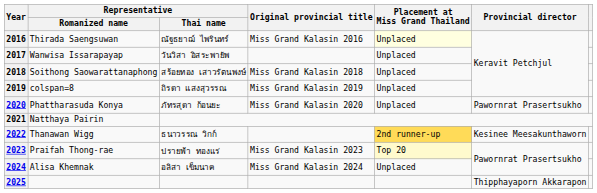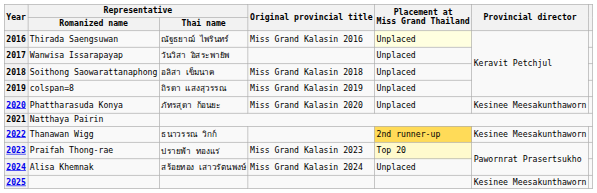 <table class="wikitable defaultcenter col2left col3left col6left" style="font-size:95%;">
 <tr>
 <th rowspan=2>Year</th>
 <th colspan=2>Representative</th>
 <th rowspan=2>Original provincial title</th>
 <th rowspan=2>Placement at<br>Miss Grand Thailand</th>
 <th rowspan=2>Provincial director</th>
 <th rowspan=2></th>
 </tr>
 <tr>
 <th>Romanized name</th>
 <th>Thai name</th>
 </tr>
 <tr>
 <th>2016</th>
 <td>Thirada Saengsuwan</td>
 <td>ณัฐธยาฌ์ ไพรินทร์</td>
 <td>Miss Grand Kalasin 2016</td>
 <td style="background: lightyellow;">Unplaced</td>
 <td rowspan=4>Keravit Petchjul</td>
 <td></td>
 </tr>
 <tr>
 <th>2017</th>
 <td>Wanwisa Issarapayap</td>
 <td>วันวิสา อิสระพายัพ</td>
 <td></td>
 <td>Unplaced</td>
 <td></td>
 </tr>
 <tr>
 <th>2018</th>
 <td>Soithong Saowarattanaphong</td>
-<td>สร้อยทอง เสาวรัตนพงษ์</td>
+<td>อลิสา เข็มนาค</td>
 <td>Miss Grand Kalasin 2018</td>
 <td>Unplaced</td>
 <td></td>
 </tr>
 <tr>
 <th>2019</th>
 <td>colspan=8 </td>
 <td>ถิรดา แสงสุวรรณ</td>
 <td>Miss Grand Kalasin 2019</td>
 <td>Unplaced</td>
 <td></td>
 </tr>
 <tr>
 <th><a href='#'>2020</a></th>
 <td>Phattharasuda Konya</td>
 <td>ภัทรสุดา ก้อนยะ</td>
 <td>Miss Grand Kalasin 2020</td>
 <td>Unplaced</td>
-<td>Pawornrat Prasertsukho</td>
+<td>Kesinee Meesakunthaworn</td>
 <td></td>
 </tr>
 <tr>
 <th>2021</th>
 <td>Natthaya Pairin</td>
 </tr>
 <tr>
 <th><a href='#'>2022</a></th>
 <td>Thanawan Wigg</td>
 <td>ธนาวรรณ วิกก์</td>
 <td></td>
 <td bgcolor=#FFDB58>2nd runner-up</td>
 <td>Kesinee Meesakunthaworn</td>
 <td></td>
 </tr>
 <tr>
 <th><a href='#'>2023</a></th>
 <td>Praifah Thong-rae</td>
 <td>ปรายฟ้า ทองแร่</td>
 <td>Miss Grand Kalasin 2023</td>
 <td bgcolor=#FFFACD>Top 20</td>
 <td rowspan=2>Pawornrat Prasertsukho</td>
 <td></td>
 </tr>
 <tr>
 <th><a href='#'>2024</a></th>
 <td>Alisa Khemnak</td>
-<td>อลิสา เข็มนาค</td>
+<td>สร้อยทอง เสาวรัตนพงษ์</td>
 <td>Miss Grand Kalasin 2024</td>
 <td>Unplaced</td>
 <td></td>
 </tr>
 <tr>
 <th><a href='#'>2025</a></th>
 <td></td>
 <td></td>
 <td></td>
 <td></td>
-<td>Thipphayaporn Akkarapon</td>
+<td>Kesinee Meesakunthaworn</td>
 </tr>
 </table>
